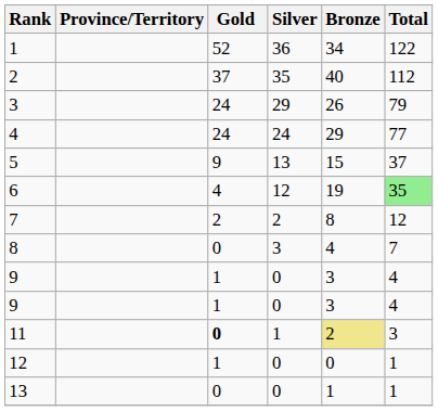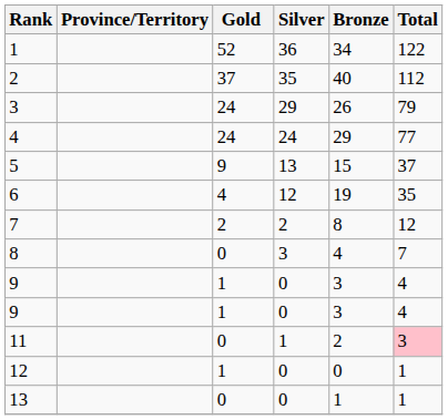 <table class="wikitable">
 <tr>
 <th><strong>Rank</strong></th>
 <th><strong>Province/Territory</strong></th>
 <th bgcolor="gold"><strong> Gold  </strong></th>
 <th bgcolor="silver"><strong>Silver</strong></th>
 <th bgcolor="CC9966"><strong>Bronze</strong></th>
 <th><strong>Total</strong></th>
 </tr>
 <tr>
 <td>1</td>
 <td></td>
 <td>52</td>
 <td>36</td>
 <td>34</td>
 <td>122</td>
 </tr>
 <tr>
 <td>2</td>
 <td></td>
 <td>37</td>
 <td>35</td>
 <td>40</td>
 <td>112</td>
 </tr>
 <tr>
 <td>3</td>
 <td></td>
 <td>24</td>
 <td>29</td>
 <td>26</td>
 <td>79</td>
 </tr>
 <tr>
 <td>4</td>
 <td></td>
 <td>24</td>
 <td>24</td>
 <td>29</td>
 <td>77</td>
 </tr>
 <tr>
 <td>5</td>
 <td></td>
 <td>9</td>
 <td>13</td>
 <td>15</td>
 <td>37</td>
 </tr>
 <tr>
 <td>6</td>
 <td></td>
 <td>4</td>
 <td>12</td>
 <td>19</td>
-<td style="background: lightgreen;">35</td>
+<td>35</td>
 </tr>
 <tr>
 <td>7</td>
 <td></td>
 <td>2</td>
 <td>2</td>
 <td>8</td>
 <td>12</td>
 </tr>
 <tr>
 <td>8</td>
 <td></td>
 <td>0</td>
 <td>3</td>
 <td>4</td>
 <td>7</td>
 </tr>
 <tr>
 <td>9</td>
 <td></td>
 <td>1</td>
 <td>0</td>
 <td>3</td>
 <td>4</td>
 </tr>
 <tr>
 <td>9</td>
 <td><strong></strong></td>
 <td>1</td>
 <td>0</td>
 <td>3</td>
 <td>4</td>
 </tr>
 <tr>
 <td>11</td>
 <td></td>
-<td><strong>0</strong></td>
+<td>0</td>
 <td>1</td>
-<td style="background: khaki;">2</td>
-<td>3</td>
+<td>2</td>
+<td style="background: pink;">3</td>
 </tr>
 <tr>
 <td>12</td>
 <td></td>
 <td>1</td>
 <td>0</td>
 <td>0</td>
 <td>1</td>
 </tr>
 <tr>
 <td>13</td>
 <td></td>
 <td>0</td>
 <td>0</td>
 <td>1</td>
 <td>1</td>
 </tr>
 <tr>
 </tr>
 </table>
